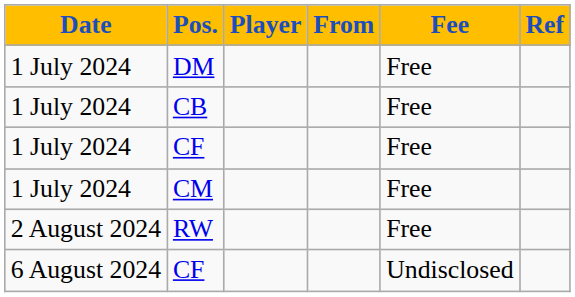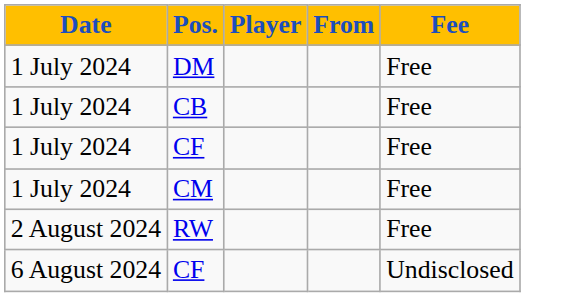 <table class="wikitable plainrowheaders sortable">
 <tr>
 <th style="background:#ffbf00;color:#1C4EBD ">Date</th>
 <th style="background:#ffbf00;color:#1C4EBD ">Pos.</th>
 <th style="background:#ffbf00;color:#1C4EBD ">Player</th>
 <th style="background:#ffbf00;color:#1C4EBD ">From</th>
 <th style="background:#ffbf00;color:#1C4EBD ">Fee</th>
-<th style="background:#ffbf00;color:#1C4EBD ">Ref</th>
 </tr>
 <tr>
 <td>1 July 2024</td>
 <td><a href='#'>DM</a></td>
 <td></td>
 <td></td>
 <td>Free</td>
-<td></td>
 </tr>
 <tr>
 <td>1 July 2024</td>
 <td><a href='#'>CB</a></td>
 <td></td>
 <td></td>
 <td>Free</td>
-<td></td>
 </tr>
 <tr>
 <td>1 July 2024</td>
 <td><a href='#'>CF</a></td>
 <td></td>
 <td></td>
 <td>Free</td>
-<td></td>
 </tr>
 <tr>
 <td>1 July 2024</td>
 <td><a href='#'>CM</a></td>
 <td></td>
 <td></td>
 <td>Free</td>
-<td></td>
 </tr>
 <tr>
 <td>2 August 2024</td>
 <td><a href='#'>RW</a></td>
 <td></td>
 <td></td>
 <td>Free</td>
-<td></td>
 </tr>
 <tr>
 <td>6 August 2024</td>
 <td><a href='#'>CF</a></td>
 <td></td>
 <td></td>
 <td>Undisclosed</td>
-<td></td>
 </tr>
 </table>
